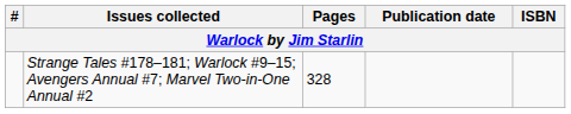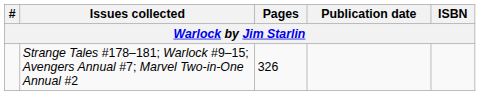 <table class="wikitable sortable" width=98%>
 <tr>
 <th class="unsortable">#</th>
 <th class="unsortable" width="50%">Issues collected</th>
 <th>Pages</th>
 <th>Publication date</th>
 <th class="unsortable">ISBN</th>
 </tr>
 <tr>
 <th colspan="5"><strong><em><a href='#'>Warlock</a> by <a href='#'>Jim Starlin</a></em></strong></th>
 </tr>
 <tr>
 <td></td>
 <td><em>Strange Tales</em> #178–181; <em>Warlock</em> #9–15; <em>Avengers Annual</em> #7; <em>Marvel Two-in-One Annual</em> #2</td>
-<td>328</td>
+<td>326</td>
 <td></td>
 <td></td>
 </tr>
 </table>
